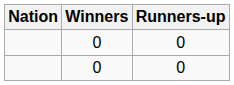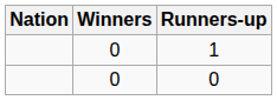 <table class="wikitable sortable">
 <tr>
 <th>Nation</th>
 <th>Winners</th>
 <th>Runners-up</th>
 </tr>
 <tr>
 <td></td>
 <td align=center>0</td>
-<td align=center>0</td>
+<td align=center>1</td>
 </tr>
 <tr>
 <td></td>
 <td align=center>0</td>
 <td align=center>0</td>
 </tr>
 </table>
